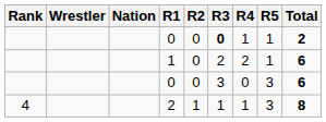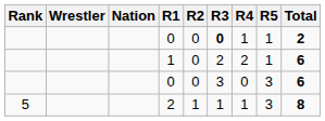 <table class="wikitable sortable" style="text-align:center;">
 <tr>
 <th>Rank</th>
 <th>Wrestler</th>
 <th>Nation</th>
 <th>R1</th>
 <th>R2</th>
 <th>R3</th>
 <th>R4</th>
 <th>R5</th>
 <th>Total</th>
 </tr>
 <tr>
 <td></td>
 <td align=left></td>
 <td align=left></td>
 <td>0</td>
 <td>0</td>
 <td><strong>0</strong></td>
 <td>1</td>
 <td>1</td>
 <td><strong>2</strong></td>
 </tr>
 <tr>
 <td></td>
 <td align=left></td>
 <td align=left></td>
 <td>1</td>
 <td>0</td>
 <td>2</td>
 <td>2</td>
 <td>1</td>
 <td><strong>6</strong></td>
 </tr>
 <tr>
 <td></td>
 <td align=left></td>
 <td align=left></td>
 <td>0</td>
 <td>0</td>
 <td>3</td>
 <td>0</td>
 <td>3</td>
 <td><strong>6</strong></td>
 </tr>
 <tr>
-<td>4</td>
+<td>5</td>
 <td align=left></td>
 <td align=left></td>
 <td>2</td>
 <td>1</td>
 <td>1</td>
 <td>1</td>
 <td>3</td>
 <td><strong>8</strong></td>
 </tr>
 </table>
